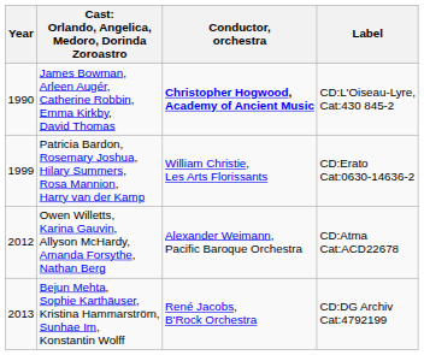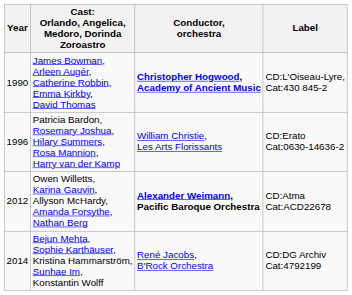 <table class="wikitable">
 <tr>
 <th>Year</th>
 <th>Cast:<br>Orlando, Angelica, <br>Medoro, Dorinda<br>Zoroastro</th>
 <th>Conductor,<br>orchestra</th>
 <th>Label</th>
 </tr>
 <tr>
 <td>1990</td>
 <td><a href='#'>James Bowman</a>,<br><a href='#'>Arleen Augér</a>,<br><a href='#'>Catherine Robbin</a>,<br><a href='#'>Emma Kirkby</a>,<br><a href='#'>David Thomas</a></td>
 <td><strong><a href='#'>Christopher Hogwood</a>,<br><a href='#'>Academy of Ancient Music</a></strong></td>
 <td>CD:L'Oiseau-Lyre,<br>Cat:430 845-2</td>
 </tr>
 <tr>
-<td>1999</td>
+<td>1996</td>
 <td>Patricia Bardon,<br><a href='#'>Rosemary Joshua</a>,<br><a href='#'>Hilary Summers</a>,<br><a href='#'>Rosa Mannion</a>,<br><a href='#'>Harry van der Kamp</a></td>
 <td><a href='#'>William Christie</a>,<br><a href='#'>Les Arts Florissants</a></td>
 <td>CD:Erato<br>Cat:0630-14636-2</td>
 </tr>
 <tr>
 <td>2012</td>
 <td>Owen Willetts,<br><a href='#'>Karina Gauvin</a>,<br>Allyson McHardy,<br><a href='#'>Amanda Forsythe</a>,<br><a href='#'>Nathan Berg</a></td>
-<td><a href='#'>Alexander Weimann</a>,<br>Pacific Baroque Orchestra</td>
+<td><strong><a href='#'>Alexander Weimann</a>,<br>Pacific Baroque Orchestra</strong></td>
 <td>CD:Atma<br>Cat:ACD22678</td>
 </tr>
 <tr>
-<td>2013</td>
+<td>2014</td>
 <td><a href='#'>Bejun Mehta</a>,<br><a href='#'>Sophie Karthäuser</a>,<br>Kristina Hammarström,<br><a href='#'>Sunhae Im</a>,<br>Konstantin Wolff</td>
 <td><a href='#'>René Jacobs</a>,<br><a href='#'>B'Rock Orchestra</a></td>
 <td>CD:DG Archiv<br>Cat:4792199</td>
 </tr>
 </table>
